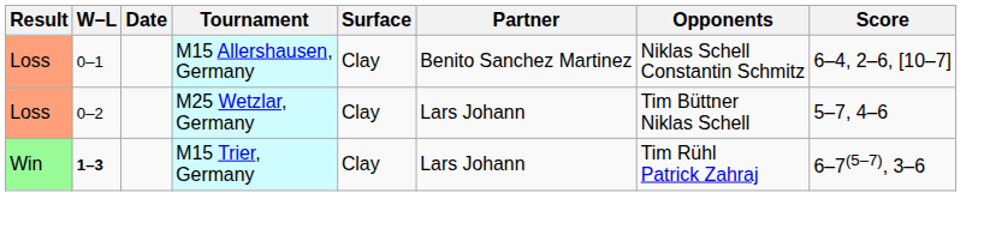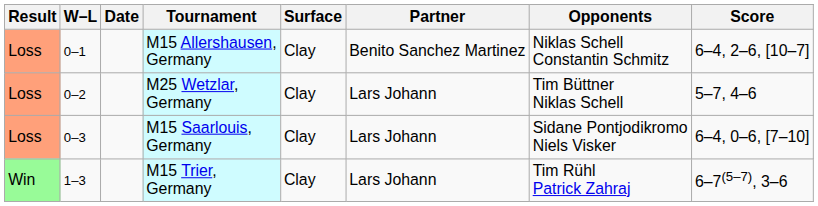 <table class="sortable wikitable nowrap">
 <tr>
 <th>Result</th>
 <th class="unsortable">W–L</th>
 <th>Date</th>
 <th>Tournament</th>
 <th>Surface</th>
 <th>Partner</th>
 <th>Opponents</th>
 <th class="unsortable">Score</th>
 </tr>
 <tr>
 <td style="background:#FFA07A">Loss</td>
 <td><small>0–1</small></td>
 <td></td>
 <td style="background:#cffcff;">M15 <a href='#'>Allershausen</a>, <br> Germany</td>
 <td>Clay</td>
 <td> Benito Sanchez Martinez</td>
 <td> Niklas Schell <br>  Constantin Schmitz</td>
 <td>6–4, 2–6, [10–7]</td>
 </tr>
 <tr>
 <td style="background:#FFA07A">Loss</td>
 <td><small>0–2</small></td>
 <td></td>
 <td style="background:#cffcff;">M25 <a href='#'>Wetzlar</a>, <br> Germany</td>
 <td>Clay</td>
 <td> Lars Johann</td>
 <td> Tim Büttner <br>  Niklas Schell</td>
 <td>5–7, 4–6</td>
 </tr>
 <tr>
+<td style="background:#FFA07A">Loss</td>
+<td><small>0–3</small></td>
+<td></td>
+<td style="background:#cffcff;">M15 <a href='#'>Saarlouis</a>, <br> Germany</td>
+<td>Clay</td>
+<td> Lars Johann</td>
+<td> Sidane Pontjodikromo <br>  Niels Visker</td>
+<td>6–4, 0–6, [7–10]</td>
+</tr>
+<tr>
 <td style="background:#98FB98">Win</td>
-<td><strong><small>1–3</small></strong></td>
+<td><small>1–3</small></td>
 <td></td>
 <td style="background:#cffcff;">M15 <a href='#'>Trier</a>, <br> Germany</td>
 <td>Clay</td>
 <td> Lars Johann</td>
 <td> Tim Rühl <br>  <a href='#'>Patrick Zahraj</a></td>
 <td>6–7<sup>(5–7)</sup>, 3–6</td>
 </tr>
 </table>
